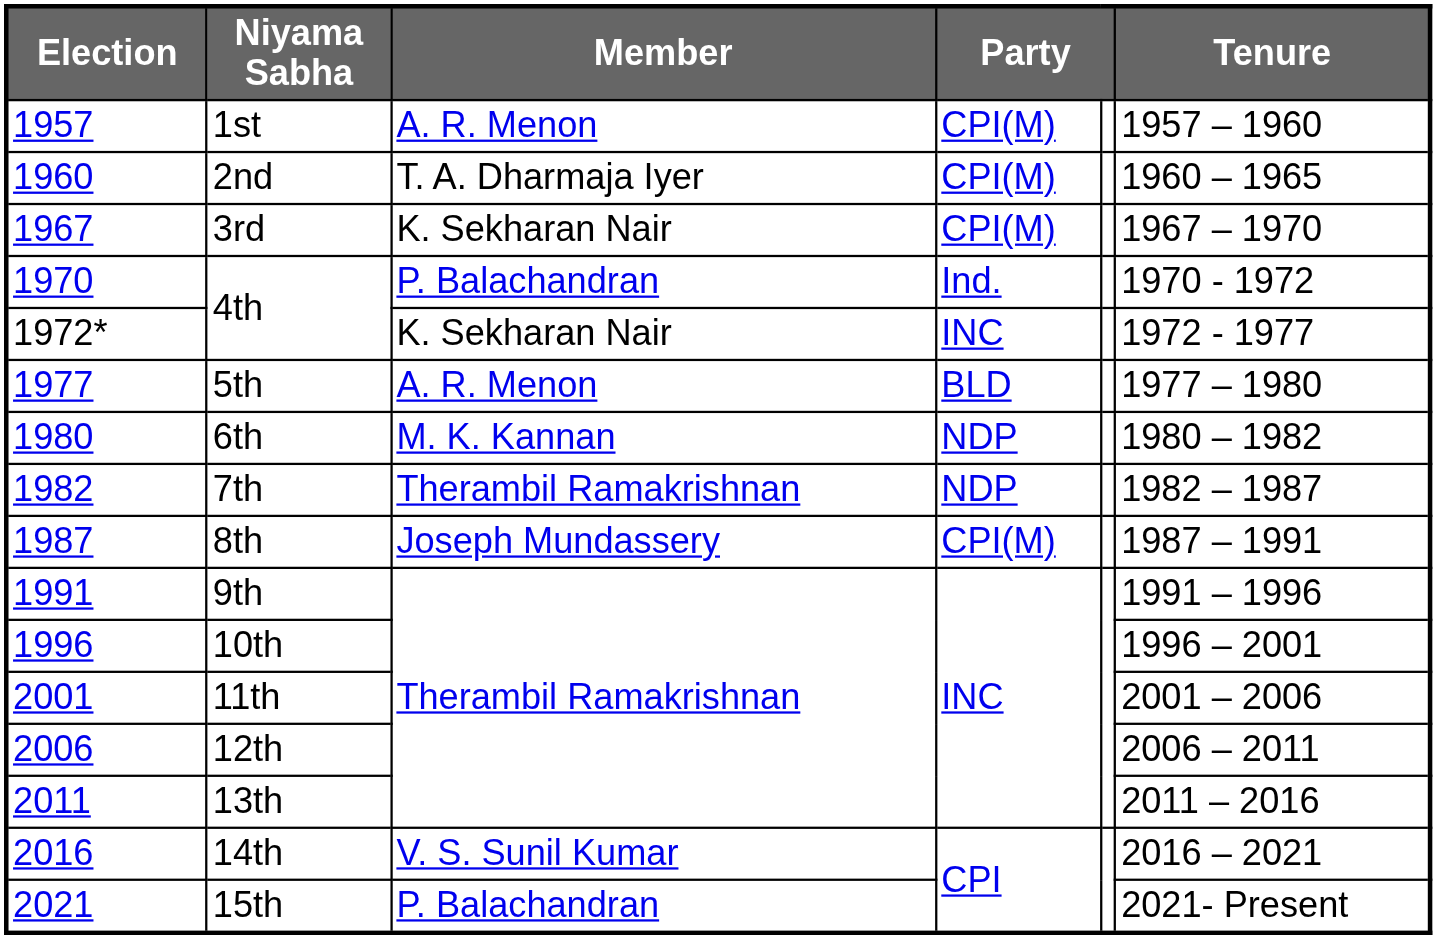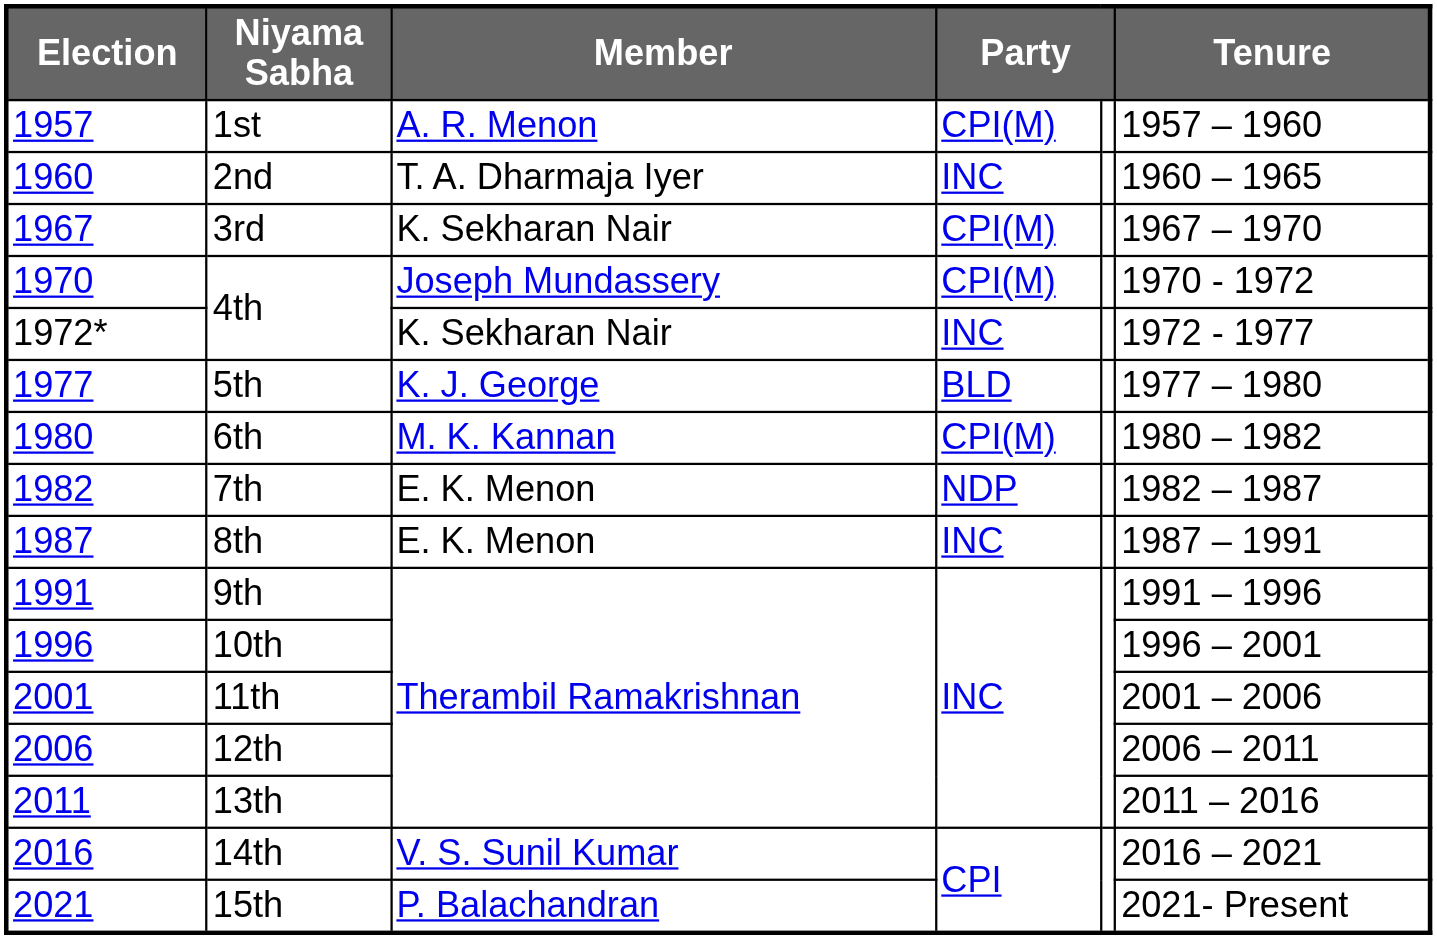 <table class="sortable" width="50%" cellpadding="2" cellspacing="0" border="1" style="border-collapse: collapse; border: 2px #000000 solid; font-size: x-big;">
 <tr>
 <th style="background-color:#666666; color:white">Election</th>
 <th style="background-color:#666666; color:white">Niyama<br>Sabha</th>
 <th style="background-color:#666666; color:white">Member</th>
 <th colspan="2" style="background-color:#666666; color:white">Party</th>
 <th style="background-color:#666666; color:white">Tenure</th>
 </tr>
 <tr>
 <td><a href='#'>1957</a></td>
 <td>1st</td>
 <td><a href='#'>A. R. Menon</a></td>
 <td><a href='#'>CPI(M)</a></td>
 <td style="background-color: "></td>
 <td>1957 – 1960</td>
 </tr>
 <tr>
 <td><a href='#'>1960</a></td>
 <td>2nd</td>
 <td>T. A. Dharmaja Iyer</td>
-<td><a href='#'>CPI(M)</a></td>
+<td><a href='#'>INC</a></td>
 <td style="background-color: "></td>
 <td>1960 – 1965</td>
 </tr>
 <tr>
 <td><a href='#'>1967</a></td>
 <td>3rd</td>
 <td>K. Sekharan Nair</td>
 <td><a href='#'>CPI(M)</a></td>
 <td style="background-color: "></td>
 <td>1967 – 1970</td>
 </tr>
 <tr>
 <td><a href='#'>1970</a></td>
 <td rowspan="2">4th</td>
-<td><a href='#'>P. Balachandran</a></td>
-<td><a href='#'>Ind.</a></td>
+<td><a href='#'>Joseph Mundassery</a></td>
+<td><a href='#'>CPI(M)</a></td>
 <td style="background-color: "></td>
 <td>1970 - 1972</td>
 </tr>
 <tr>
 <td>1972*</td>
 <td>K. Sekharan Nair</td>
 <td><a href='#'>INC</a></td>
 <td style="background-color: "></td>
 <td>1972 - 1977</td>
 </tr>
 <tr>
 <td><a href='#'>1977</a></td>
 <td>5th</td>
-<td><a href='#'>A. R. Menon</a></td>
+<td><a href='#'>K. J. George</a></td>
 <td><a href='#'>BLD</a></td>
 <td style="background-color: "></td>
 <td>1977 – 1980</td>
 </tr>
 <tr>
 <td><a href='#'>1980</a></td>
 <td>6th</td>
 <td><a href='#'>M. K. Kannan</a></td>
-<td><a href='#'>NDP</a></td>
+<td><a href='#'>CPI(M)</a></td>
 <td style="background-color: "></td>
 <td>1980 – 1982</td>
 </tr>
 <tr>
 <td><a href='#'>1982</a></td>
 <td>7th</td>
-<td><a href='#'>Therambil Ramakrishnan</a></td>
+<td>E. K. Menon</td>
 <td><a href='#'>NDP</a></td>
 <td style="background-color: "></td>
 <td>1982 – 1987</td>
 </tr>
 <tr>
 <td><a href='#'>1987</a></td>
 <td>8th</td>
-<td><a href='#'>Joseph Mundassery</a></td>
-<td><a href='#'>CPI(M)</a></td>
+<td>E. K. Menon</td>
+<td><a href='#'>INC</a></td>
 <td style="background-color: "></td>
 <td>1987 – 1991</td>
 </tr>
 <tr>
 <td><a href='#'>1991</a></td>
 <td>9th</td>
 <td rowspan="5"><a href='#'>Therambil Ramakrishnan</a></td>
 <td rowspan="5"><a href='#'>INC</a></td>
 <td rowspan="5" style="background-color: "></td>
 <td>1991 – 1996</td>
 </tr>
 <tr>
 <td><a href='#'>1996</a></td>
 <td>10th</td>
 <td>1996 – 2001</td>
 </tr>
 <tr>
 <td><a href='#'>2001</a></td>
 <td>11th</td>
 <td>2001 – 2006</td>
 </tr>
 <tr>
 <td><a href='#'>2006</a></td>
 <td>12th</td>
 <td>2006 – 2011</td>
 </tr>
 <tr>
 <td><a href='#'>2011</a></td>
 <td>13th</td>
 <td>2011 – 2016</td>
 </tr>
 <tr>
 <td><a href='#'>2016</a></td>
 <td>14th</td>
 <td><a href='#'>V. S. Sunil Kumar</a></td>
 <td rowspan="3"><a href='#'>CPI</a></td>
 <td rowspan="2" style="background-color: "></td>
 <td>2016 – 2021</td>
 </tr>
 <tr>
 <td><a href='#'>2021</a></td>
 <td>15th</td>
 <td><a href='#'>P. Balachandran</a></td>
 <td>2021- Present</td>
 </tr>
 </table>
